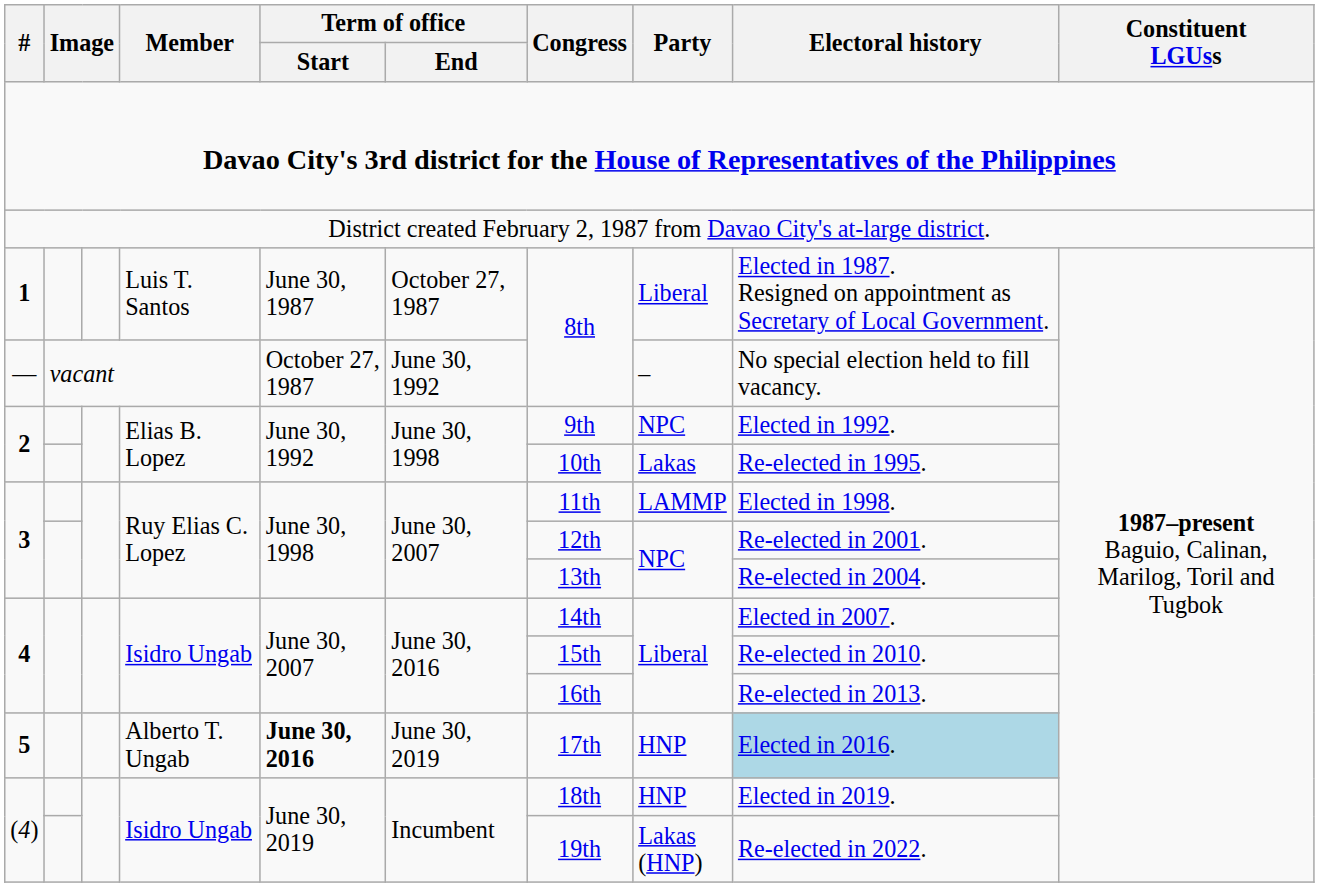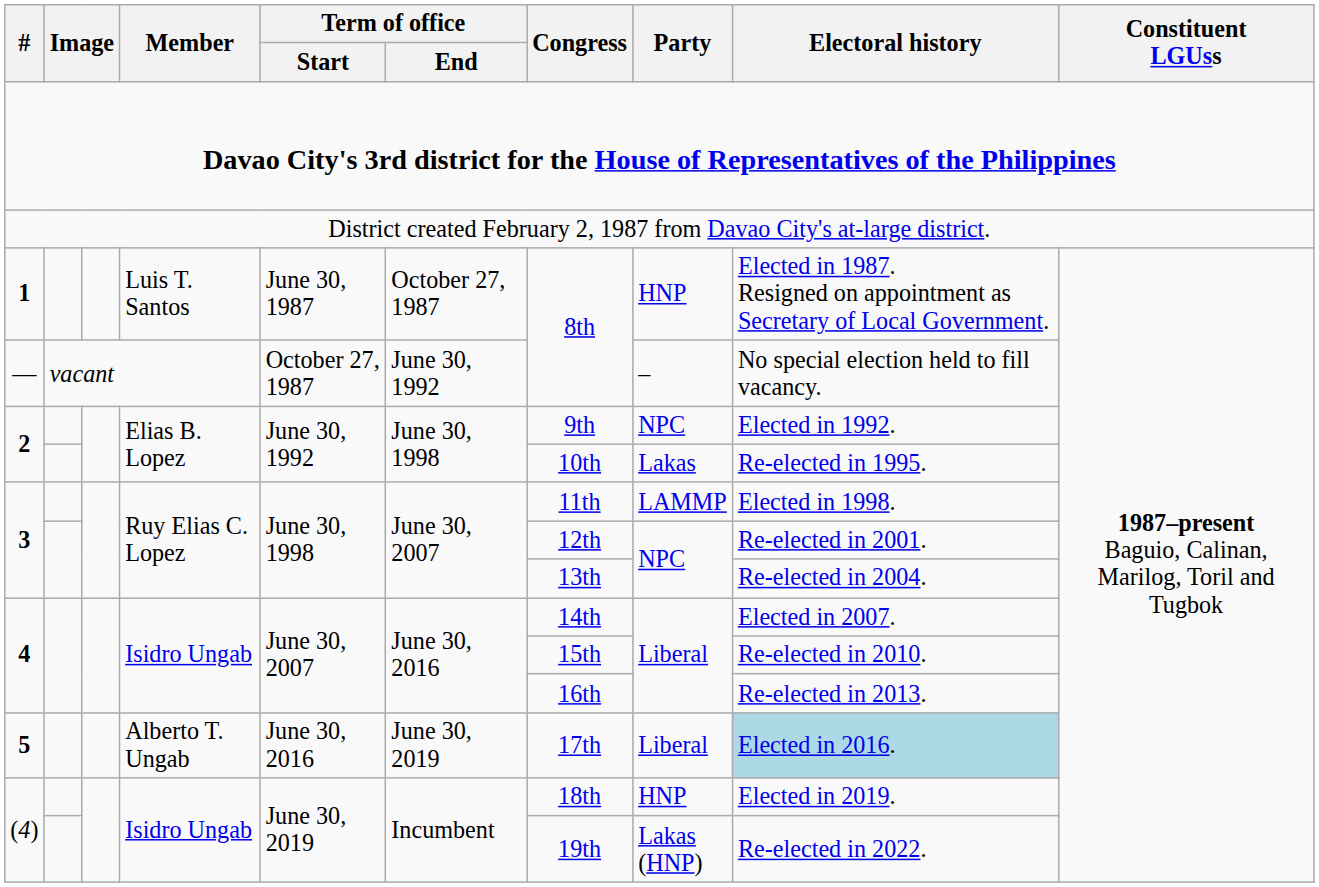 <table class=wikitable>
 <tr>
 <th rowspan="2">#</th>
 <th rowspan="2" colspan=2>Image</th>
 <th rowspan="2">Member</th>
 <th colspan=2>Term of office</th>
 <th rowspan="2">Congress</th>
 <th rowspan="2">Party</th>
 <th rowspan="2">Electoral history</th>
 <th rowspan="2">Constituent<br><a href='#'>LGUs</a>s</th>
 </tr>
 <tr>
 <th>Start</th>
 <th>End</th>
 </tr>
 <tr>
 <td colspan="10" style="text-align:center;"><br><h3>Davao City's 3rd district for the <a href='#'>House of Representatives of the Philippines</a></h3></td>
 </tr>
 <tr>
 <td colspan="10" style="text-align:center;">District created February 2, 1987 from <a href='#'>Davao City's at-large district</a>.</td>
 </tr>
 <tr>
 <td style="text-align:center;"><strong>1</strong></td>
 <td style="color:inherit;background:"></td>
 <td></td>
 <td>Luis T. Santos</td>
 <td>June 30, 1987</td>
 <td>October 27, 1987</td>
 <td rowspan="2" style="text-align:center;"><a href='#'>8th</a></td>
-<td><a href='#'>Liberal</a></td>
+<td><a href='#'>HNP</a></td>
 <td><a href='#'>Elected in 1987</a>.<br>Resigned on appointment as <a href='#'>Secretary of Local Government</a>.</td>
 <td rowspan="13" style="text-align:center;"><strong>1987–present</strong><br>Baguio, Calinan, Marilog, Toril and Tugbok</td>
 </tr>
 <tr>
 <td style="text-align:center;">—</td>
 <td colspan="3"><em>vacant</em></td>
 <td>October 27, 1987</td>
 <td>June 30, 1992</td>
 <td>–</td>
 <td>No special election held to fill vacancy.</td>
 </tr>
 <tr>
 <td rowspan="2" style="text-align:center;"><strong>2</strong></td>
 <td style="color:inherit;background:"></td>
 <td rowspan="2"></td>
 <td rowspan="2">Elias B. Lopez</td>
 <td rowspan="2">June 30, 1992</td>
 <td rowspan="2">June 30, 1998</td>
 <td style="text-align:center;"><a href='#'>9th</a></td>
 <td><a href='#'>NPC</a></td>
 <td><a href='#'>Elected in 1992</a>.</td>
 </tr>
 <tr>
 <td style="color:inherit;background:"></td>
 <td style="text-align:center;"><a href='#'>10th</a></td>
 <td><a href='#'>Lakas</a></td>
 <td><a href='#'>Re-elected in 1995</a>.</td>
 </tr>
 <tr>
 <td rowspan="3" style="text-align:center;"><strong>3</strong></td>
 <td style="color:inherit;background:"></td>
 <td rowspan="3"></td>
 <td rowspan="3">Ruy Elias C. Lopez</td>
 <td rowspan="3">June 30, 1998</td>
 <td rowspan="3">June 30, 2007</td>
 <td style="text-align:center;"><a href='#'>11th</a></td>
 <td><a href='#'>LAMMP</a></td>
 <td><a href='#'>Elected in 1998</a>.</td>
 </tr>
 <tr>
 <td rowspan="2" style="color:inherit;background:"></td>
 <td style="text-align:center;"><a href='#'>12th</a></td>
 <td rowspan="2"><a href='#'>NPC</a></td>
 <td><a href='#'>Re-elected in 2001</a>.</td>
 </tr>
 <tr>
 <td style="text-align:center;"><a href='#'>13th</a></td>
 <td><a href='#'>Re-elected in 2004</a>.</td>
 </tr>
 <tr>
 <td rowspan="3" style="text-align:center;"><strong>4</strong></td>
 <td rowspan="3" style="color:inherit;background:"></td>
 <td rowspan="3"></td>
 <td rowspan="3"><a href='#'>Isidro Ungab</a></td>
 <td rowspan="3">June 30, 2007</td>
 <td rowspan="3">June 30, 2016</td>
 <td style="text-align:center;"><a href='#'>14th</a></td>
 <td rowspan="3"><a href='#'>Liberal</a></td>
 <td><a href='#'>Elected in 2007</a>.</td>
 </tr>
 <tr>
 <td style="text-align:center;"><a href='#'>15th</a></td>
 <td><a href='#'>Re-elected in 2010</a>.</td>
 </tr>
 <tr>
 <td style="text-align:center;"><a href='#'>16th</a></td>
 <td><a href='#'>Re-elected in 2013</a>.</td>
 </tr>
 <tr>
 <td style="text-align:center;"><strong>5</strong></td>
 <td style="color:inherit;background:"></td>
 <td></td>
 <td>Alberto T. Ungab</td>
-<td><strong>June 30, 2016</strong></td>
+<td>June 30, 2016</td>
 <td>June 30, 2019</td>
 <td style="text-align:center;"><a href='#'>17th</a></td>
-<td><a href='#'>HNP</a></td>
+<td><a href='#'>Liberal</a></td>
 <td style="background: lightblue;"><a href='#'>Elected in 2016</a>.</td>
 </tr>
 <tr>
 <td rowspan="2" style="text-align:center;">(<em>4</em>)</td>
 <td style="color:inherit;background:"></td>
 <td rowspan="2"></td>
 <td rowspan="2"><a href='#'>Isidro Ungab</a></td>
 <td rowspan="2">June 30, 2019</td>
 <td rowspan="2">Incumbent</td>
 <td style="text-align:center;"><a href='#'>18th</a></td>
 <td><a href='#'>HNP</a></td>
 <td><a href='#'>Elected in 2019</a>.</td>
 </tr>
 <tr>
 <td style="color:inherit;background:"></td>
 <td style="text-align:center;"><a href='#'>19th</a></td>
 <td><a href='#'>Lakas</a><br>(<a href='#'>HNP</a>)</td>
 <td><a href='#'>Re-elected in 2022</a>.</td>
 </tr>
 </table>
